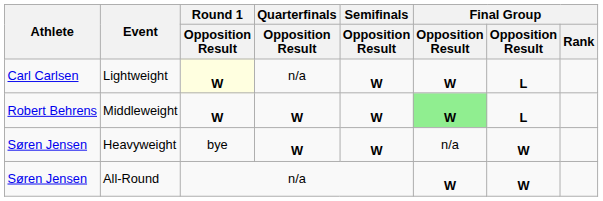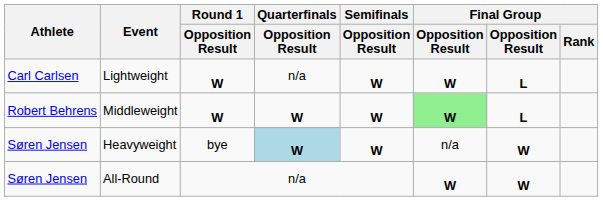 <table class=wikitable style="font-size:85%">
 <tr>
 <th rowspan=2>Athlete</th>
 <th rowspan=2>Event</th>
 <th>Round 1</th>
 <th>Quarterfinals</th>
 <th>Semifinals</th>
 <th colspan=3>Final Group</th>
 </tr>
 <tr>
 <th>Opposition<br>Result</th>
 <th>Opposition<br>Result</th>
 <th>Opposition<br>Result</th>
 <th>Opposition<br>Result</th>
 <th>Opposition<br>Result</th>
 <th>Rank</th>
 </tr>
 <tr>
 <td><a href='#'>Carl Carlsen</a></td>
 <td>Lightweight</td>
-<td align=center style="background: lightyellow;"><br><strong>W</strong></td>
+<td align=center><br><strong>W</strong></td>
 <td align=center>n/a</td>
 <td align=center><br><strong>W</strong></td>
 <td align=center><br><strong>W</strong></td>
 <td align=center><br><strong>L</strong></td>
 <td align=center></td>
 </tr>
 <tr>
 <td><a href='#'>Robert Behrens</a></td>
 <td>Middleweight</td>
 <td align=center><br><strong>W</strong></td>
 <td align=center><br><strong>W</strong></td>
 <td align=center><br><strong>W</strong></td>
 <td align=center style="background: lightgreen;"><br><strong>W</strong></td>
 <td align=center><br><strong>L</strong></td>
 <td align=center></td>
 </tr>
 <tr>
 <td><a href='#'>Søren Jensen</a></td>
 <td>Heavyweight</td>
 <td align=center>bye</td>
-<td align=center><br><strong>W</strong></td>
+<td align=center style="background: lightblue;"><br><strong>W</strong></td>
 <td align=center><br><strong>W</strong></td>
 <td align=center>n/a</td>
 <td align=center><br><strong>W</strong></td>
 <td align=center></td>
 </tr>
 <tr>
 <td><a href='#'>Søren Jensen</a></td>
 <td>All-Round</td>
 <td align=center colspan=3>n/a</td>
 <td align=center><br><strong>W</strong></td>
 <td align=center><br><strong>W</strong></td>
 <td align=center></td>
 </tr>
 </table>
